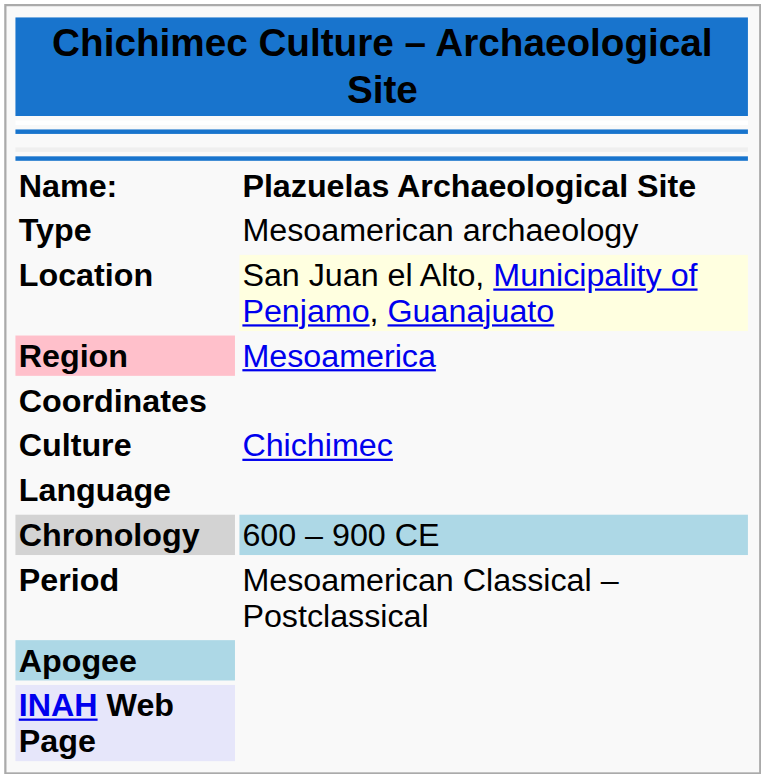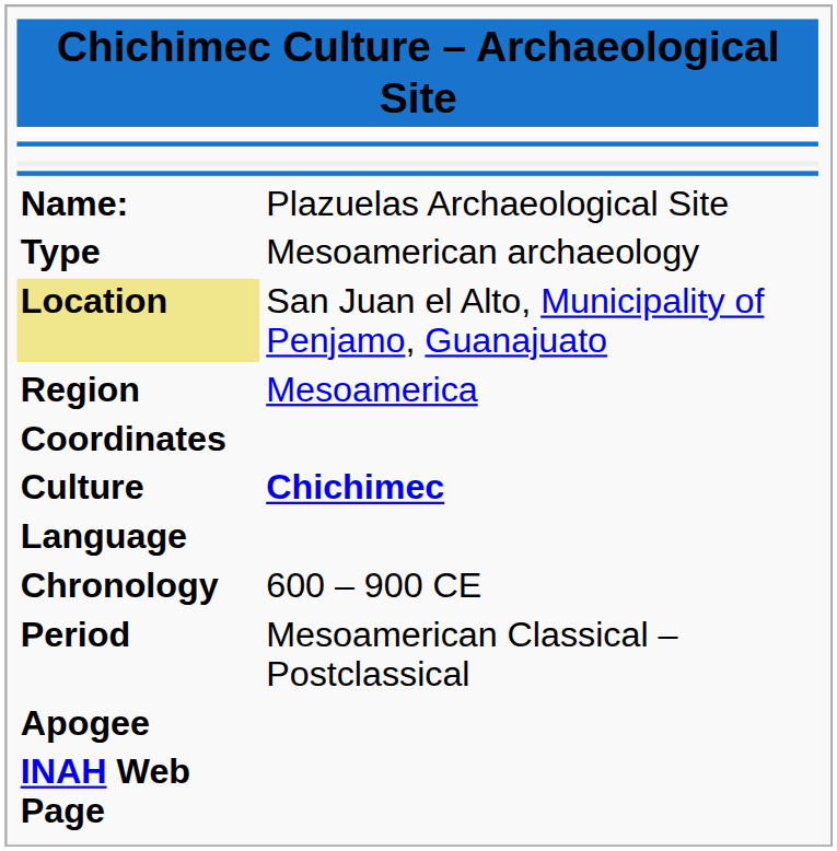 <table class="infobox" style="font-size:90%; text-align:left; width:23.5em">
 <tr>
 <td colspan="3" bgcolor=#1874CD style="text-align: center; font-size: larger;"><span><strong> Chichimec Culture – Archaeological Site</strong></span></td>
 </tr>
 <tr style="vertical-align: top; text-align: center;">
 <td colspan=3 bgcolor="#FFFFFF" align="center"></td>
 </tr>
 <tr>
 <td colspan="2" bgcolor=#1874CD></td>
 </tr>
 <tr>
 <td colspan=2></td>
 </tr>
 <tr>
 <td style="background:#efefef;"align="center" colspan="2"></td>
 </tr>
 <tr>
 <td colspan="2" bgcolor=#1874CD></td>
 </tr>
 <tr>
 <td><strong>Name:</strong></td>
-<td><strong><span> Plazuelas Archaeological Site</span></strong></td>
+<td><span> Plazuelas Archaeological Site</span></td>
 </tr>
 <tr>
 <td><strong>Type</strong></td>
 <td>Mesoamerican archaeology</td>
 </tr>
 <tr>
-<td><strong>Location</strong></td>
-<td style="background: lightyellow;">San Juan el Alto, <a href='#'>Municipality of Penjamo</a>, <a href='#'>Guanajuato</a> <br></td>
+<td style="background: khaki;"><strong>Location</strong></td>
+<td>San Juan el Alto, <a href='#'>Municipality of Penjamo</a>, <a href='#'>Guanajuato</a> <br></td>
 </tr>
 <tr>
-<td style="background: pink;"><strong>Region</strong></td>
+<td><strong>Region</strong></td>
 <td><a href='#'>Mesoamerica</a></td>
 </tr>
 <tr>
 <td><strong>Coordinates</strong></td>
 <td></td>
 </tr>
 <tr>
 <td><strong>Culture</strong></td>
-<td><a href='#'>Chichimec</a></td>
+<td><strong><a href='#'>Chichimec</a></strong></td>
 </tr>
 <tr>
 <td><strong>Language</strong></td>
 <td></td>
 </tr>
 <tr>
-<td style="background: lightgrey;"><strong>Chronology</strong></td>
-<td style="background: lightblue;">600 – 900 CE</td>
+<td><strong>Chronology</strong></td>
+<td>600 – 900 CE</td>
 </tr>
 <tr>
 <td><strong>Period</strong></td>
 <td>Mesoamerican Classical – Postclassical</td>
 </tr>
 <tr>
-<td style="background: lightblue;"><strong>Apogee</strong></td>
+<td><strong>Apogee</strong></td>
 <td></td>
 </tr>
 <tr>
-<td style="background: lavender;"><strong><a href='#'>INAH</a> Web Page</strong></td>
+<td><strong><a href='#'>INAH</a> Web Page</strong></td>
 <td></td>
 </tr>
 </table>
